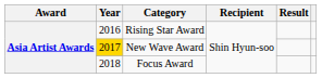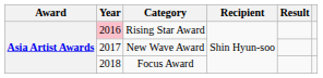 <table class="wikitable sortable plainrowheaders" style="text-align:center;">
 <tr>
 <th scope="col">Award</th>
 <th scope="col">Year</th>
 <th scope="col">Category</th>
 <th scope="col">Recipient</th>
 <th scope="col">Result</th>
 <th scope="col" class="unsortable"></th>
 </tr>
 <tr>
 <th scope="row" rowspan="3"><a href='#'>Asia Artist Awards</a></th>
-<td>2016</td>
+<td style="background: pink;">2016</td>
 <td>Rising Star Award</td>
 <td rowspan="3">Shin Hyun-soo</td>
 <td></td>
 <td></td>
 </tr>
 <tr>
-<td style="background: gold;">2017</td>
+<td>2017</td>
 <td>New Wave Award</td>
 <td></td>
 <td></td>
 </tr>
 <tr>
 <td>2018</td>
 <td>Focus Award</td>
 <td></td>
 <td></td>
 </tr>
 </table>
